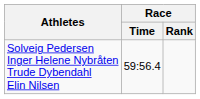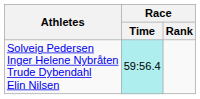 <table class="wikitable" border="1" style="font-size:90%">
 <tr>
 <th rowspan=2>Athletes</th>
 <th colspan=2>Race</th>
 </tr>
 <tr>
 <th>Time</th>
 <th>Rank</th>
 </tr>
 <tr>
 <td><a href='#'>Solveig Pedersen</a><br><a href='#'>Inger Helene Nybråten</a><br><a href='#'>Trude Dybendahl</a><br><a href='#'>Elin Nilsen</a></td>
-<td align=center>59:56.4</td>
+<td align=center style="background: paleturquoise;">59:56.4</td>
 <td align=center></td>
 </tr>
 </table>
